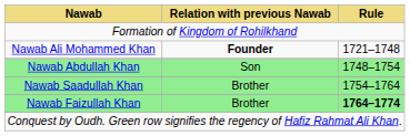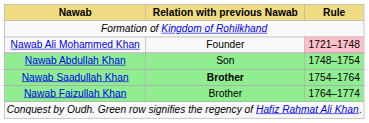 <table class="wikitable">
 <tr>
 <th style="background-color:#F0DC82">Nawab</th>
 <th style="background-color:#F0DC82">Relation with previous Nawab</th>
 <th style="background-color:#F0DC82">Rule</th>
 </tr>
 <tr>
 <td colspan=4 align="center"><em>Formation of <a href='#'>Kingdom of Rohilkhand</a></em></td>
 </tr>
 <tr>
 <td align="center"><a href='#'>Nawab Ali Mohammed Khan</a><br></td>
-<td align="center"><strong>Founder<br></strong></td>
-<td align="center">1721–1748</td>
+<td align="center">Founder<br></td>
+<td align="center" style="background: pink;">1721–1748</td>
 </tr>
 <tr>
 </tr>
 <tr style="background:lightgreen">
 <td align="center"><a href='#'>Nawab Abdullah Khan</a> <br></td>
 <td align="center">Son</td>
 <td align="center">1748–1754</td>
 </tr>
 <tr>
 </tr>
 <tr style="background:lightgreen">
 <td align="center"><a href='#'>Nawab Saadullah Khan</a> <br></td>
-<td align="center">Brother</td>
+<td align="center"><strong>Brother</strong></td>
 <td align="center">1754–1764</td>
 </tr>
 <tr>
 </tr>
 <tr style="background:lightgreen">
 <td align="center"><a href='#'>Nawab Faizullah Khan</a><br></td>
 <td align="center">Brother</td>
-<td align="center"><strong>1764–1774</strong></td>
+<td align="center">1764–1774</td>
 </tr>
 <tr>
 <td colspan=4 align="center"><em>Conquest by Oudh. Green row signifies the regency of <a href='#'>Hafiz Rahmat Ali Khan</a></em>.</td>
 </tr>
 </table>
